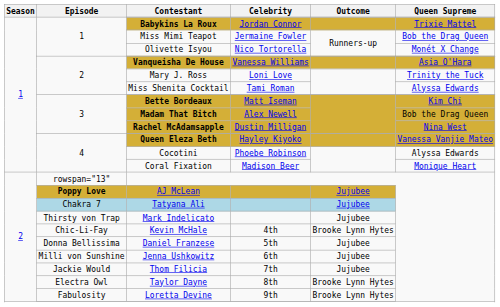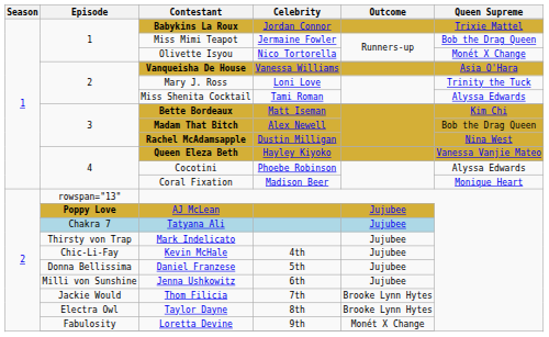 <table class="wikitable sortable" style="text-align:center;">
 <tr>
 <th>Season</th>
 <th>Episode</th>
 <th>Contestant</th>
 <th>Celebrity</th>
 <th>Outcome</th>
 <th>Queen Supreme</th>
 </tr>
 <tr>
 <td rowspan="16"><a href='#'>1</a></td>
 <td rowspan="4">1</td>
 </tr>
 <tr bgcolor="#D4AF37">
 <td><strong>Babykins La Roux</strong></td>
 <td><a href='#'>Jordan Connor</a></td>
 <td><strong></strong></td>
 <td><a href='#'>Trixie Mattel</a></td>
 </tr>
 <tr>
 <td>Miss Mimi Teapot</td>
 <td><a href='#'>Jermaine Fowler</a></td>
 <td nowrap rowspan="2">Runners-up</td>
 <td><a href='#'>Bob the Drag Queen</a></td>
 </tr>
 <tr>
 <td>Olivette Isyou</td>
 <td><a href='#'>Nico Tortorella</a></td>
 <td><a href='#'>Monét X Change</a></td>
 </tr>
 <tr>
 <td rowspan="4">2</td>
 </tr>
 <tr bgcolor="#D4AF37">
 <td><strong>Vanqueisha De House</strong></td>
 <td><a href='#'>Vanessa Williams</a></td>
 <td><strong></strong></td>
 <td><a href='#'>Asia O'Hara</a></td>
 </tr>
 <tr>
 <td>Mary J. Ross</td>
 <td><a href='#'>Loni Love</a></td>
 <td rowspan="2"></td>
 <td><a href='#'>Trinity the Tuck</a></td>
 </tr>
 <tr>
 <td>Miss Shenita Cocktail</td>
 <td><a href='#'>Tami Roman</a></td>
 <td><a href='#'>Alyssa Edwards</a></td>
 </tr>
 <tr>
 <td rowspan="4">3</td>
 </tr>
 <tr bgcolor="#D4AF37">
 <td><strong>Bette Bordeaux</strong></td>
 <td><a href='#'>Matt Iseman</a></td>
 <td rowspan="3"><strong></strong></td>
 <td><a href='#'>Kim Chi</a></td>
 </tr>
 <tr bgcolor="#D4AF37">
 <td><strong>Madam That Bitch</strong></td>
 <td><a href='#'>Alex Newell</a></td>
 <td>Bob the Drag Queen</td>
 </tr>
 <tr bgcolor="#D4AF37">
 <td nowrap><strong>Rachel McAdamsapple</strong></td>
 <td><a href='#'>Dustin Milligan</a></td>
 <td><a href='#'>Nina West</a></td>
 </tr>
 <tr>
 <td rowspan="4">4</td>
 </tr>
 <tr bgcolor="#D4AF37">
 <td><strong>Queen Eleza Beth</strong></td>
 <td><a href='#'>Hayley Kiyoko</a></td>
 <td><strong></strong></td>
 <td nowrap><a href='#'>Vanessa Vanjie Mateo</a></td>
 </tr>
 <tr>
 <td>Cocotini</td>
 <td nowrap><a href='#'>Phoebe Robinson</a></td>
 <td rowspan="2"></td>
 <td>Alyssa Edwards</td>
 </tr>
 <tr>
 <td>Coral Fixation</td>
 <td><a href='#'>Madison Beer</a></td>
 <td><a href='#'>Monique Heart</a></td>
 </tr>
 <tr>
 <td rowspan="13"><a href='#'>2</a></td>
 <td>rowspan="13" </td>
 </tr>
 <tr bgcolor="#D4AF37">
 <td scope="row"><strong>Poppy Love</strong></td>
 <td><a href='#'>AJ McLean</a></td>
 <td><strong></strong></td>
 <td><a href='#'>Jujubee</a></td>
 </tr>
 <tr bgcolor="lightblue">
 <td scope="row">Chakra 7</td>
 <td><a href='#'>Tatyana Ali</a></td>
 <td nowrap></td>
 <td><a href='#'>Jujubee</a></td>
 </tr>
 <tr>
 <td scope="row">Thirsty von Trap</td>
 <td><a href='#'>Mark Indelicato</a></td>
 <td></td>
 <td>Jujubee</td>
 </tr>
 <tr>
 <td scope="row">Chic-Li-Fay</td>
 <td><a href='#'>Kevin McHale</a></td>
 <td>4th</td>
-<td>Brooke Lynn Hytes</td>
+<td>Jujubee</td>
 </tr>
 <tr>
 <td nowrap scope="row">Donna Bellissima</td>
 <td nowrap><a href='#'>Daniel Franzese</a></td>
 <td>5th</td>
 <td>Jujubee</td>
 </tr>
 <tr>
 <td scope="row">Milli von Sunshine</td>
 <td><a href='#'>Jenna Ushkowitz</a></td>
 <td>6th</td>
 <td>Jujubee</td>
 </tr>
 <tr>
 <td scope="row">Jackie Would</td>
 <td><a href='#'>Thom Filicia</a></td>
 <td>7th</td>
-<td>Jujubee</td>
+<td>Brooke Lynn Hytes</td>
 </tr>
 <tr>
 <td scope="row">Electra Owl</td>
 <td><a href='#'>Taylor Dayne</a></td>
 <td>8th</td>
 <td>Brooke Lynn Hytes</td>
 </tr>
 <tr>
 <td scope="row">Fabulosity</td>
 <td><a href='#'>Loretta Devine</a></td>
 <td>9th</td>
-<td>Brooke Lynn Hytes</td>
+<td>Monét X Change</td>
 </tr>
 <tr>
 </tr>
 </table>
